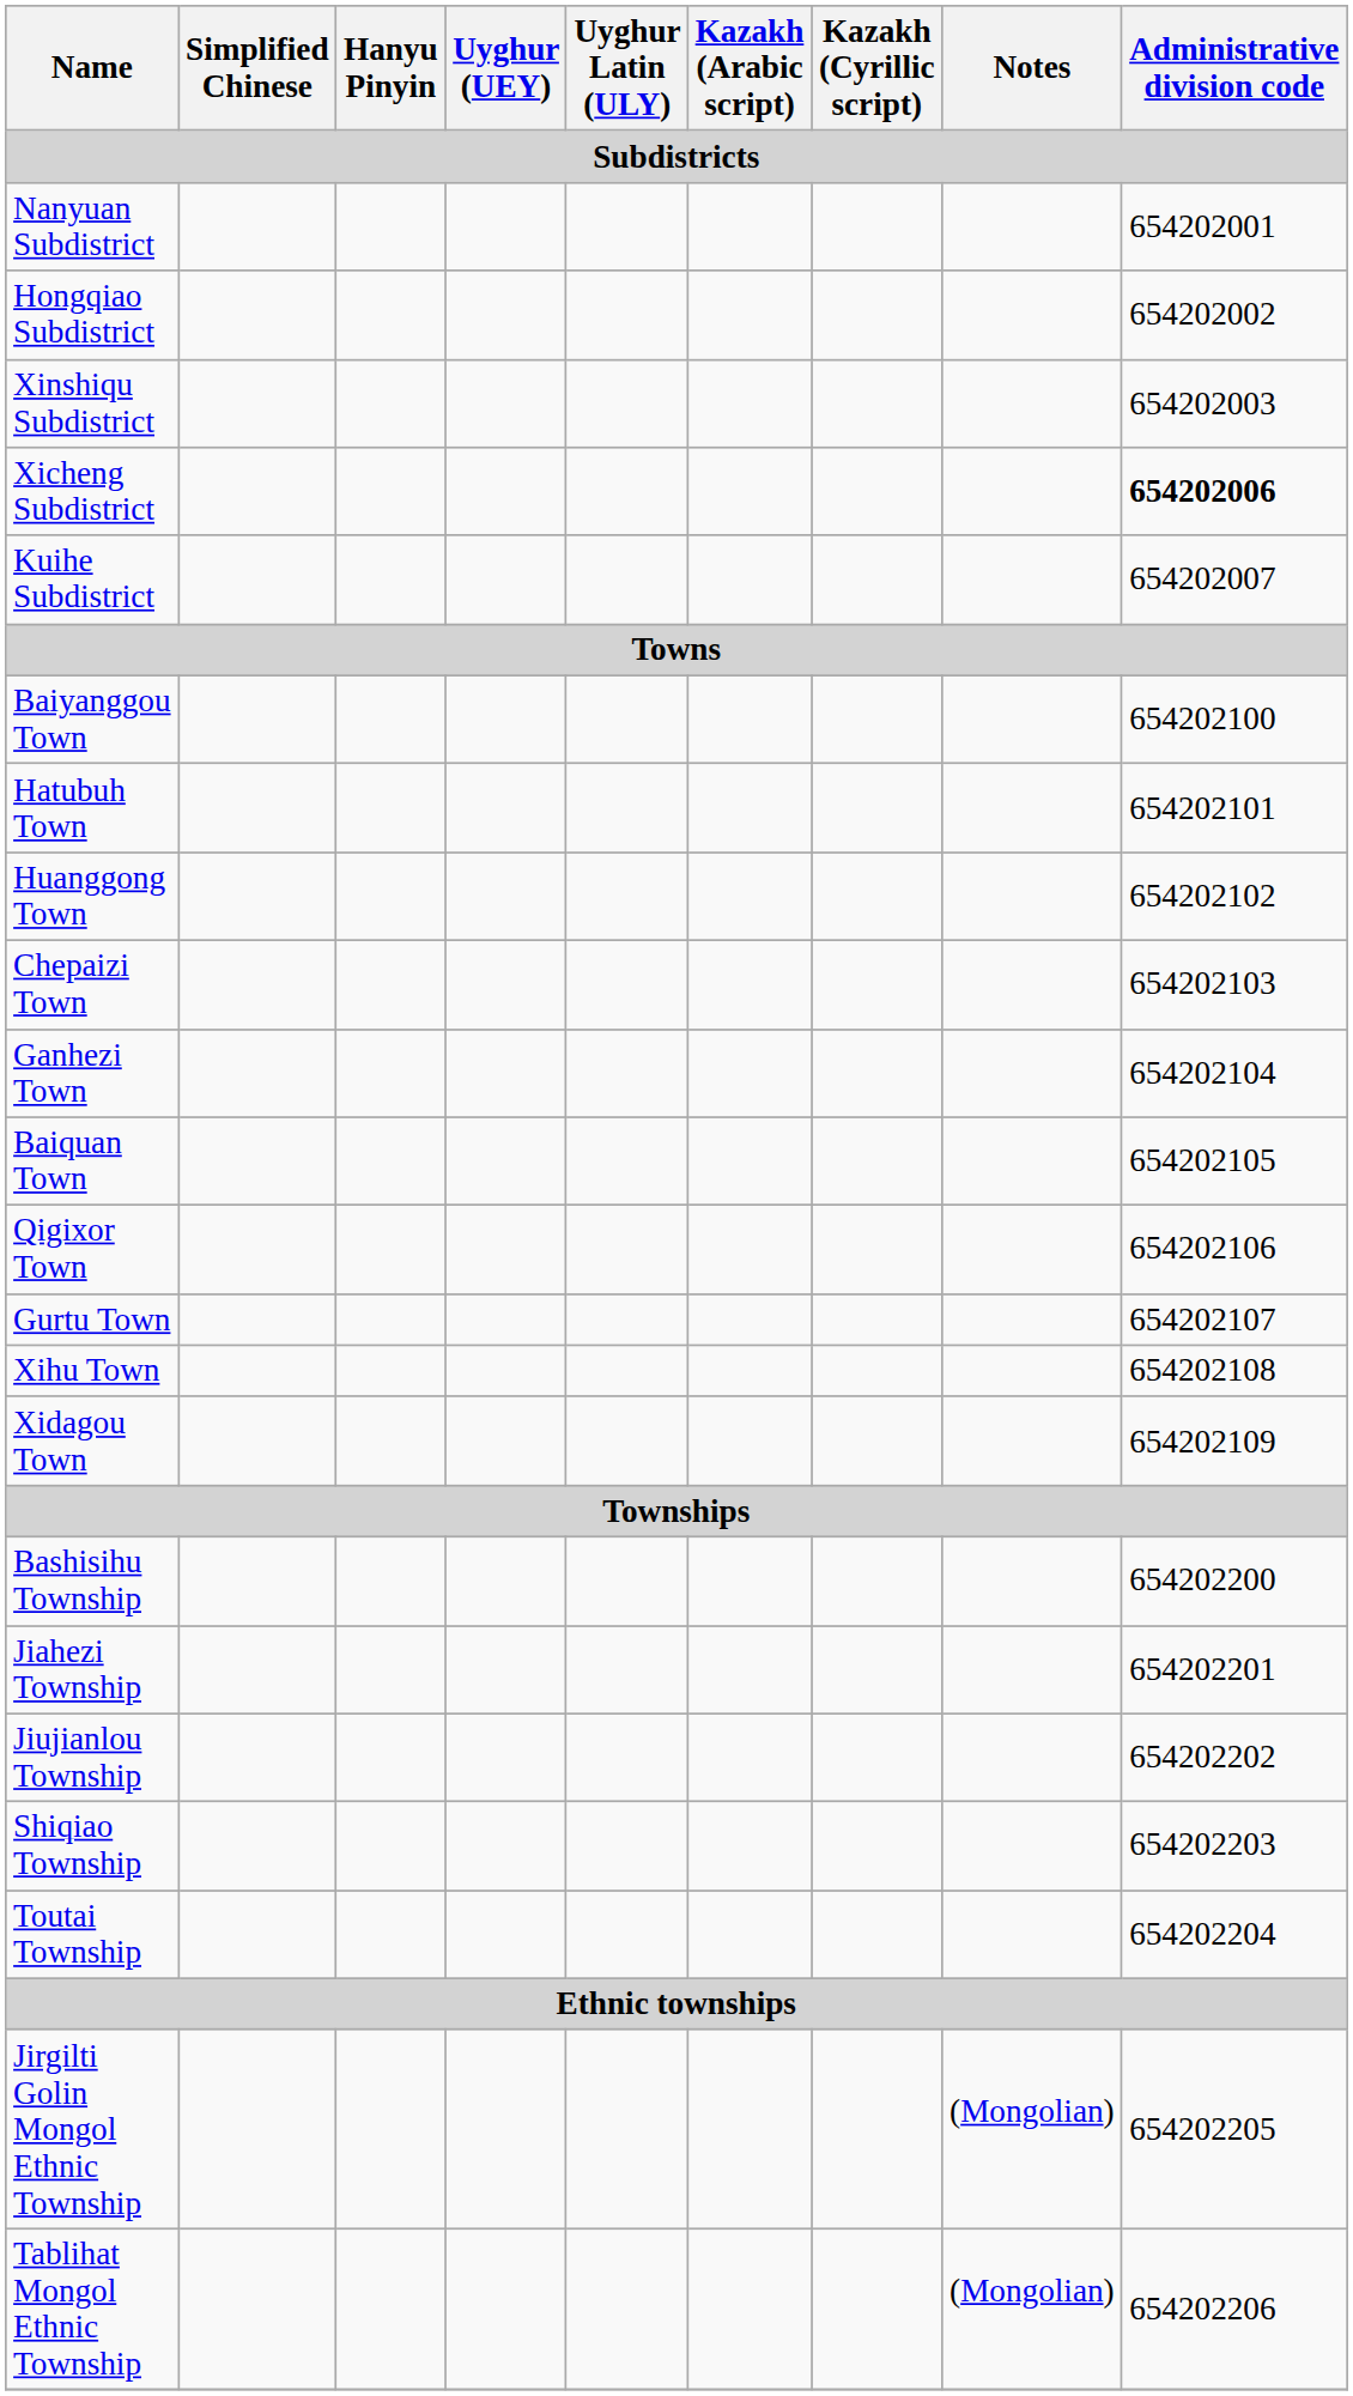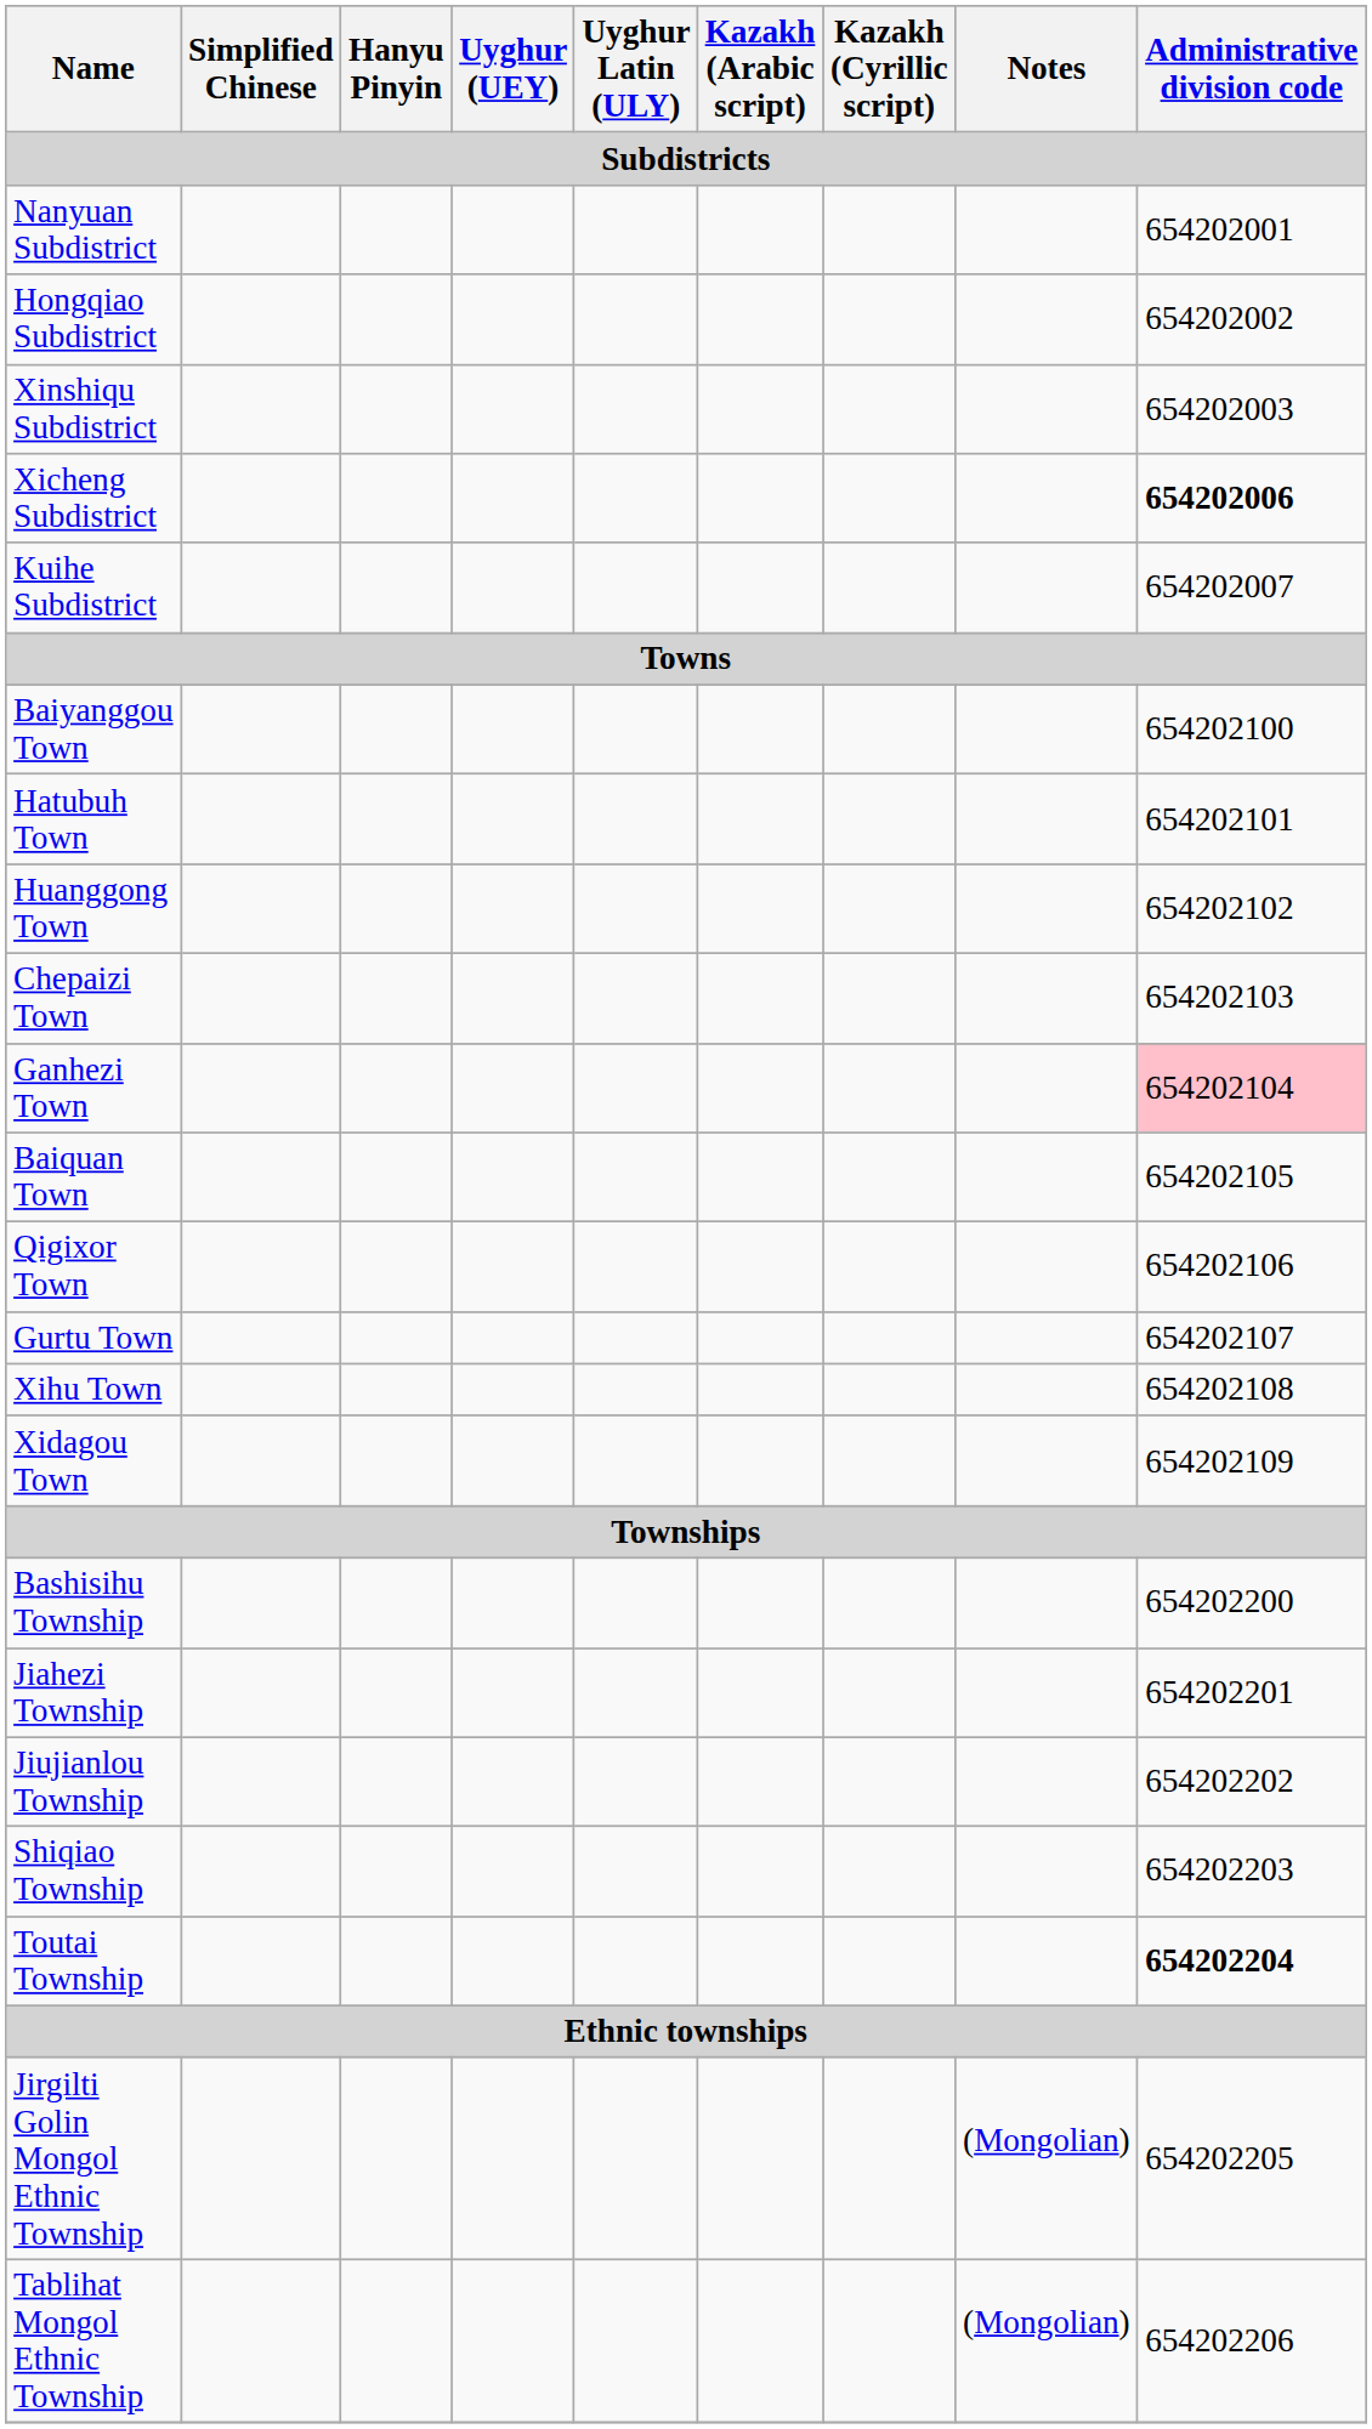 <table class="wikitable" align="center" style="width:50%; border="1">
 <tr>
 <th>Name</th>
 <th>Simplified Chinese</th>
 <th>Hanyu Pinyin</th>
 <th><a href='#'>Uyghur</a> (<a href='#'>UEY</a>)</th>
 <th>Uyghur Latin (<a href='#'>ULY</a>)</th>
 <th><a href='#'>Kazakh</a> (Arabic script)</th>
 <th>Kazakh (Cyrillic script)</th>
 <th>Notes</th>
 <th><a href='#'>Administrative division code</a></th>
 </tr>
 <tr>
 <td colspan="9"  style="text-align:center; background:#d3d3d3;"><strong>Subdistricts</strong></td>
 </tr>
 <tr --------->
 <td><a href='#'>Nanyuan Subdistrict</a></td>
 <td></td>
 <td></td>
 <td></td>
 <td></td>
 <td></td>
 <td></td>
 <td></td>
 <td>654202001</td>
 </tr>
 <tr>
 <td><a href='#'>Hongqiao Subdistrict</a></td>
 <td></td>
 <td></td>
 <td></td>
 <td></td>
 <td></td>
 <td></td>
 <td></td>
 <td>654202002</td>
 </tr>
 <tr>
 <td><a href='#'>Xinshiqu Subdistrict</a></td>
 <td></td>
 <td></td>
 <td></td>
 <td></td>
 <td></td>
 <td></td>
 <td></td>
 <td>654202003</td>
 </tr>
 <tr>
 <td><a href='#'>Xicheng Subdistrict</a></td>
 <td></td>
 <td></td>
 <td></td>
 <td></td>
 <td></td>
 <td></td>
 <td></td>
 <td><strong>654202006</strong></td>
 </tr>
 <tr>
 <td><a href='#'>Kuihe Subdistrict</a></td>
 <td></td>
 <td></td>
 <td></td>
 <td></td>
 <td></td>
 <td></td>
 <td></td>
 <td>654202007</td>
 </tr>
 <tr>
 <td colspan="9"  style="text-align:center; background:#d3d3d3;"><strong>Towns</strong></td>
 </tr>
 <tr --------->
 <td><a href='#'>Baiyanggou Town</a></td>
 <td></td>
 <td></td>
 <td></td>
 <td></td>
 <td></td>
 <td></td>
 <td></td>
 <td>654202100</td>
 </tr>
 <tr>
 <td><a href='#'>Hatubuh Town</a></td>
 <td></td>
 <td></td>
 <td></td>
 <td></td>
 <td></td>
 <td></td>
 <td></td>
 <td>654202101</td>
 </tr>
 <tr>
 <td><a href='#'>Huanggong Town</a></td>
 <td></td>
 <td></td>
 <td></td>
 <td></td>
 <td></td>
 <td></td>
 <td></td>
 <td>654202102</td>
 </tr>
 <tr>
 <td><a href='#'>Chepaizi Town</a></td>
 <td></td>
 <td></td>
 <td></td>
 <td></td>
 <td></td>
 <td></td>
 <td></td>
 <td>654202103</td>
 </tr>
 <tr>
 <td><a href='#'>Ganhezi Town</a></td>
 <td></td>
 <td></td>
 <td></td>
 <td></td>
 <td></td>
 <td></td>
 <td></td>
-<td>654202104</td>
+<td style="background: pink;">654202104</td>
 </tr>
 <tr>
 <td><a href='#'>Baiquan Town</a></td>
 <td></td>
 <td></td>
 <td></td>
 <td></td>
 <td></td>
 <td></td>
 <td></td>
 <td>654202105</td>
 </tr>
 <tr>
 <td><a href='#'>Qigixor Town</a></td>
 <td></td>
 <td></td>
 <td></td>
 <td></td>
 <td></td>
 <td></td>
 <td></td>
 <td>654202106</td>
 </tr>
 <tr>
 <td><a href='#'>Gurtu Town</a></td>
 <td></td>
 <td></td>
 <td></td>
 <td></td>
 <td></td>
 <td></td>
 <td></td>
 <td>654202107</td>
 </tr>
 <tr>
 <td><a href='#'>Xihu Town</a></td>
 <td></td>
 <td></td>
 <td></td>
 <td></td>
 <td></td>
 <td></td>
 <td></td>
 <td>654202108</td>
 </tr>
 <tr>
 <td><a href='#'>Xidagou Town</a></td>
 <td></td>
 <td></td>
 <td></td>
 <td></td>
 <td></td>
 <td></td>
 <td></td>
 <td>654202109</td>
 </tr>
 <tr>
 <td colspan="9"  style="text-align:center; background:#d3d3d3;"><strong>Townships</strong></td>
 </tr>
 <tr --------->
 <td><a href='#'>Bashisihu Township</a></td>
 <td></td>
 <td></td>
 <td></td>
 <td></td>
 <td></td>
 <td></td>
 <td></td>
 <td>654202200</td>
 </tr>
 <tr>
 <td><a href='#'>Jiahezi Township</a></td>
 <td></td>
 <td></td>
 <td></td>
 <td></td>
 <td></td>
 <td></td>
 <td></td>
 <td>654202201</td>
 </tr>
 <tr>
 <td><a href='#'>Jiujianlou Township</a></td>
 <td></td>
 <td></td>
 <td></td>
 <td></td>
 <td></td>
 <td></td>
 <td></td>
 <td>654202202</td>
 </tr>
 <tr>
 <td><a href='#'>Shiqiao Township</a></td>
 <td></td>
 <td></td>
 <td></td>
 <td></td>
 <td></td>
 <td></td>
 <td></td>
 <td>654202203</td>
 </tr>
 <tr>
 <td><a href='#'>Toutai Township</a></td>
 <td></td>
 <td></td>
 <td></td>
 <td></td>
 <td></td>
 <td></td>
 <td></td>
-<td>654202204</td>
+<td><strong>654202204</strong></td>
 </tr>
 <tr>
 <td colspan="9"  style="text-align:center; background:#d3d3d3;"><strong>Ethnic townships</strong></td>
 </tr>
 <tr --------->
 <td><a href='#'>Jirgilti Golin Mongol Ethnic Township</a></td>
 <td></td>
 <td></td>
 <td></td>
 <td></td>
 <td></td>
 <td></td>
 <td>(<a href='#'>Mongolian</a>)<br><br></td>
 <td>654202205</td>
 </tr>
 <tr>
 <td><a href='#'>Tablihat Mongol Ethnic Township</a></td>
 <td></td>
 <td></td>
 <td></td>
 <td></td>
 <td></td>
 <td></td>
 <td>(<a href='#'>Mongolian</a>)<br><br></td>
 <td>654202206</td>
 </tr>
 <tr>
 </tr>
 </table>
